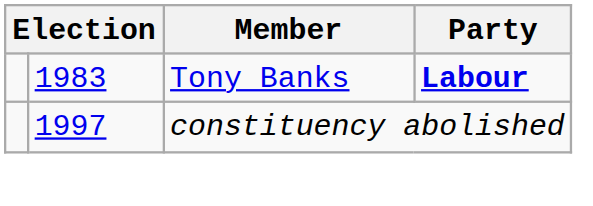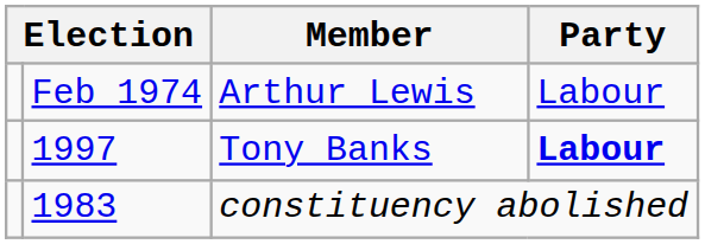 <table class="wikitable">
 <tr>
 <th colspan="2">Election</th>
 <th>Member</th>
 <th>Party</th>
 </tr>
 <tr>
 <td style="color:inherit;background-color: "></td>
-<td><a href='#'>1983</a></td>
+<td><a href='#'>Feb 1974</a></td>
+<td><a href='#'>Arthur Lewis</a></td>
+<td><a href='#'>Labour</a></td>
+</tr>
+<tr>
+<td style="color:inherit;background-color: "></td>
+<td><a href='#'>1997</a></td>
 <td><a href='#'>Tony Banks</a></td>
 <td><strong><a href='#'>Labour</a></strong></td>
 </tr>
 <tr>
 <td></td>
-<td><a href='#'>1997</a></td>
+<td><a href='#'>1983</a></td>
 <td colspan="2"><em>constituency abolished</em></td>
 </tr>
 </table>
